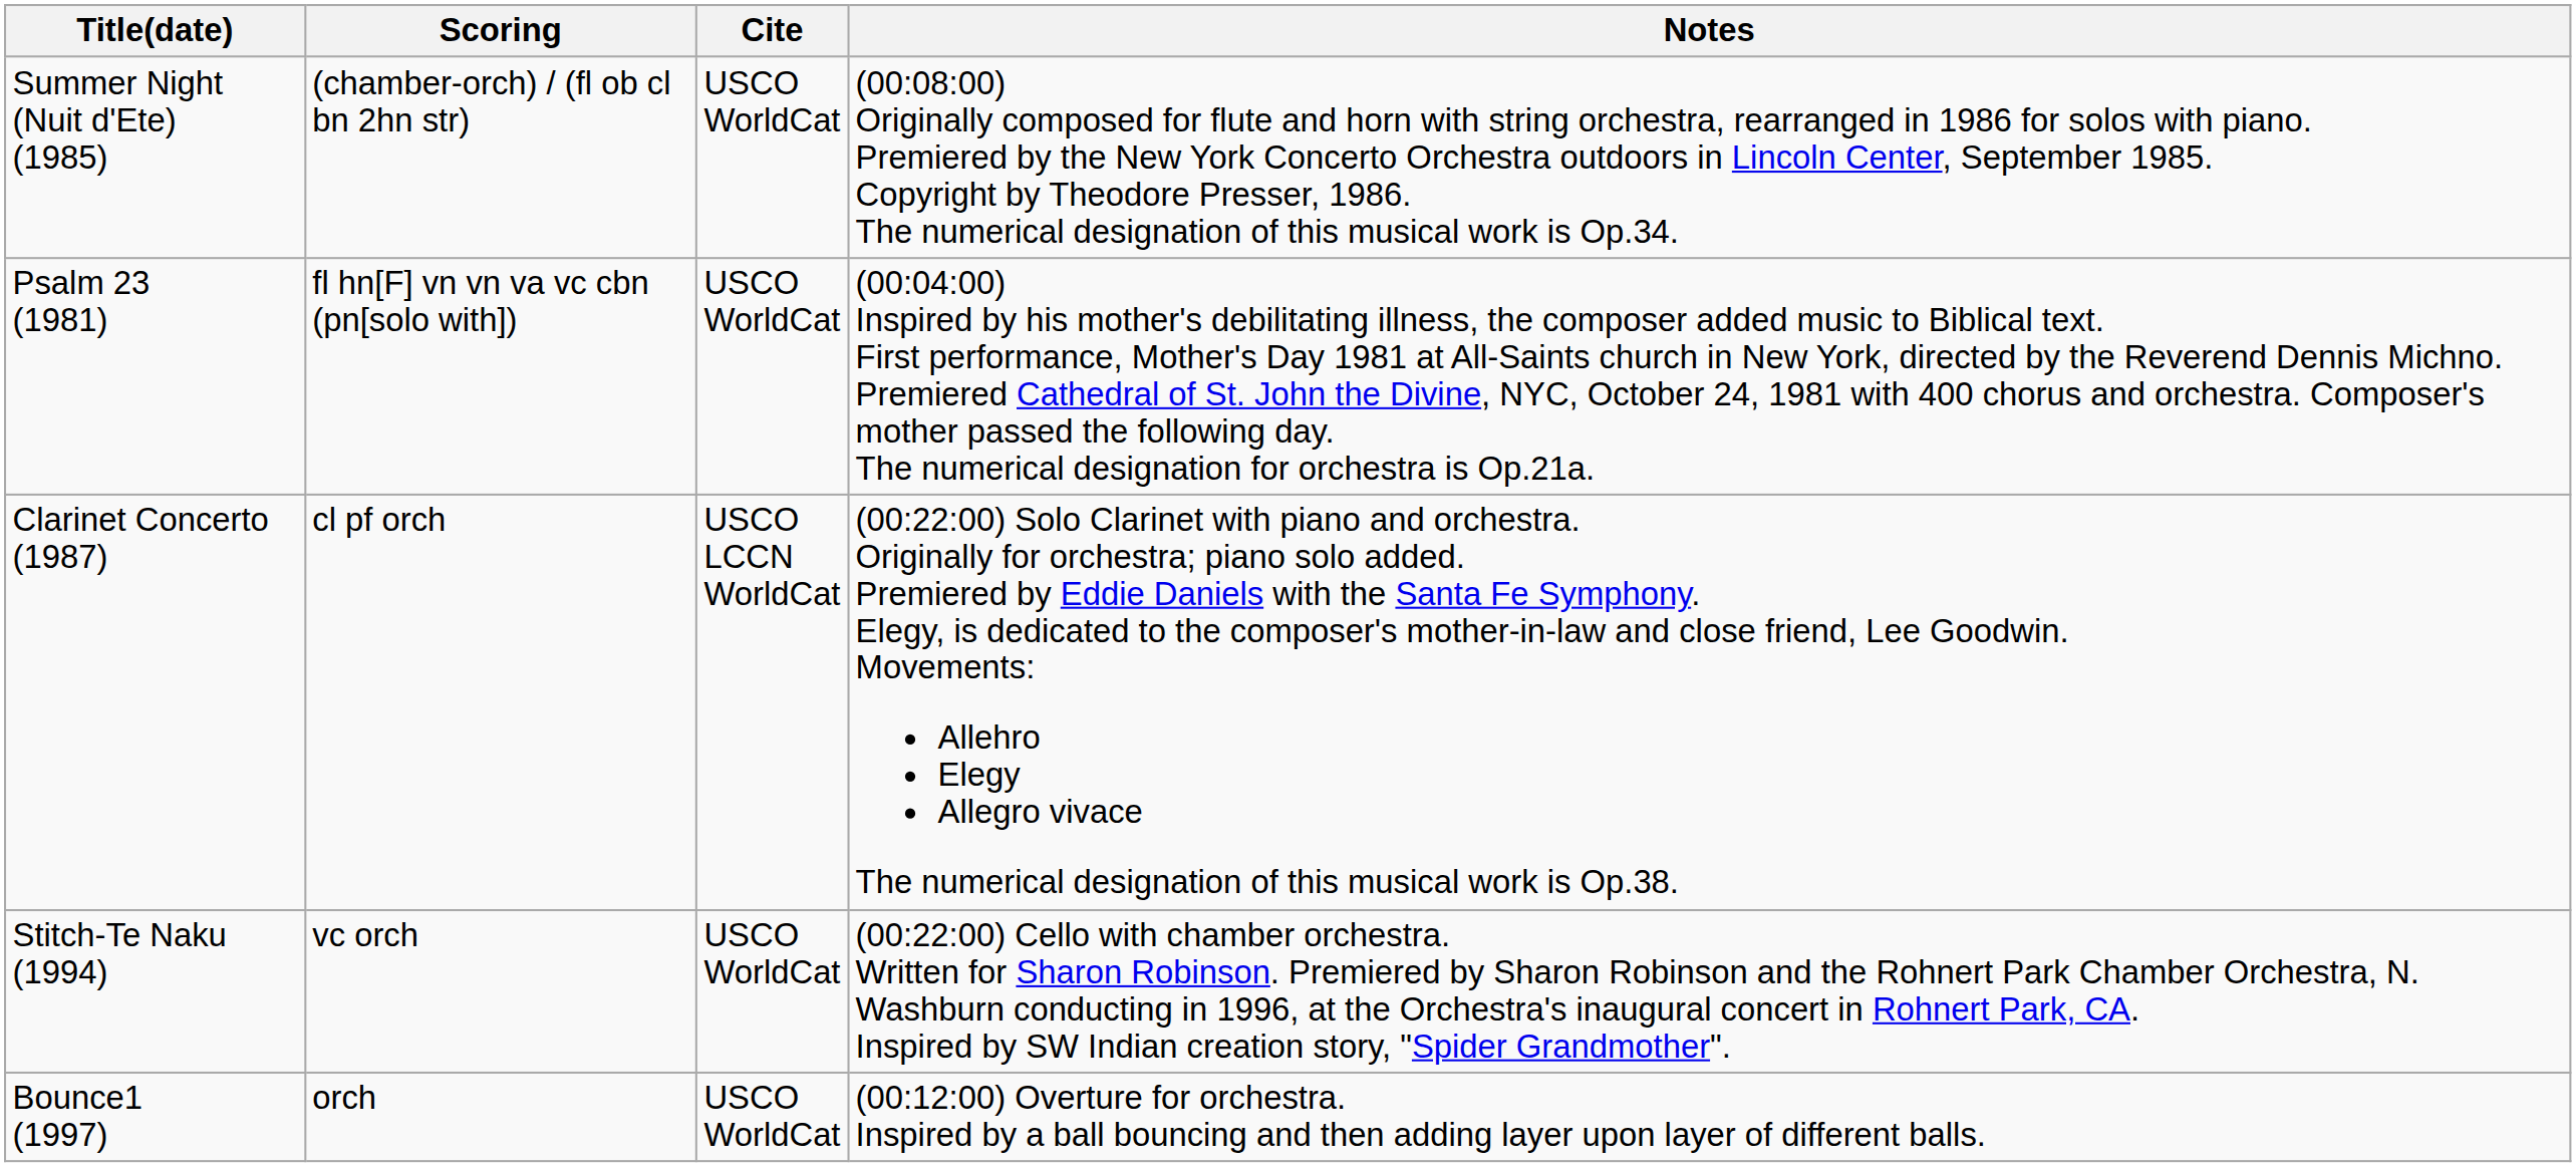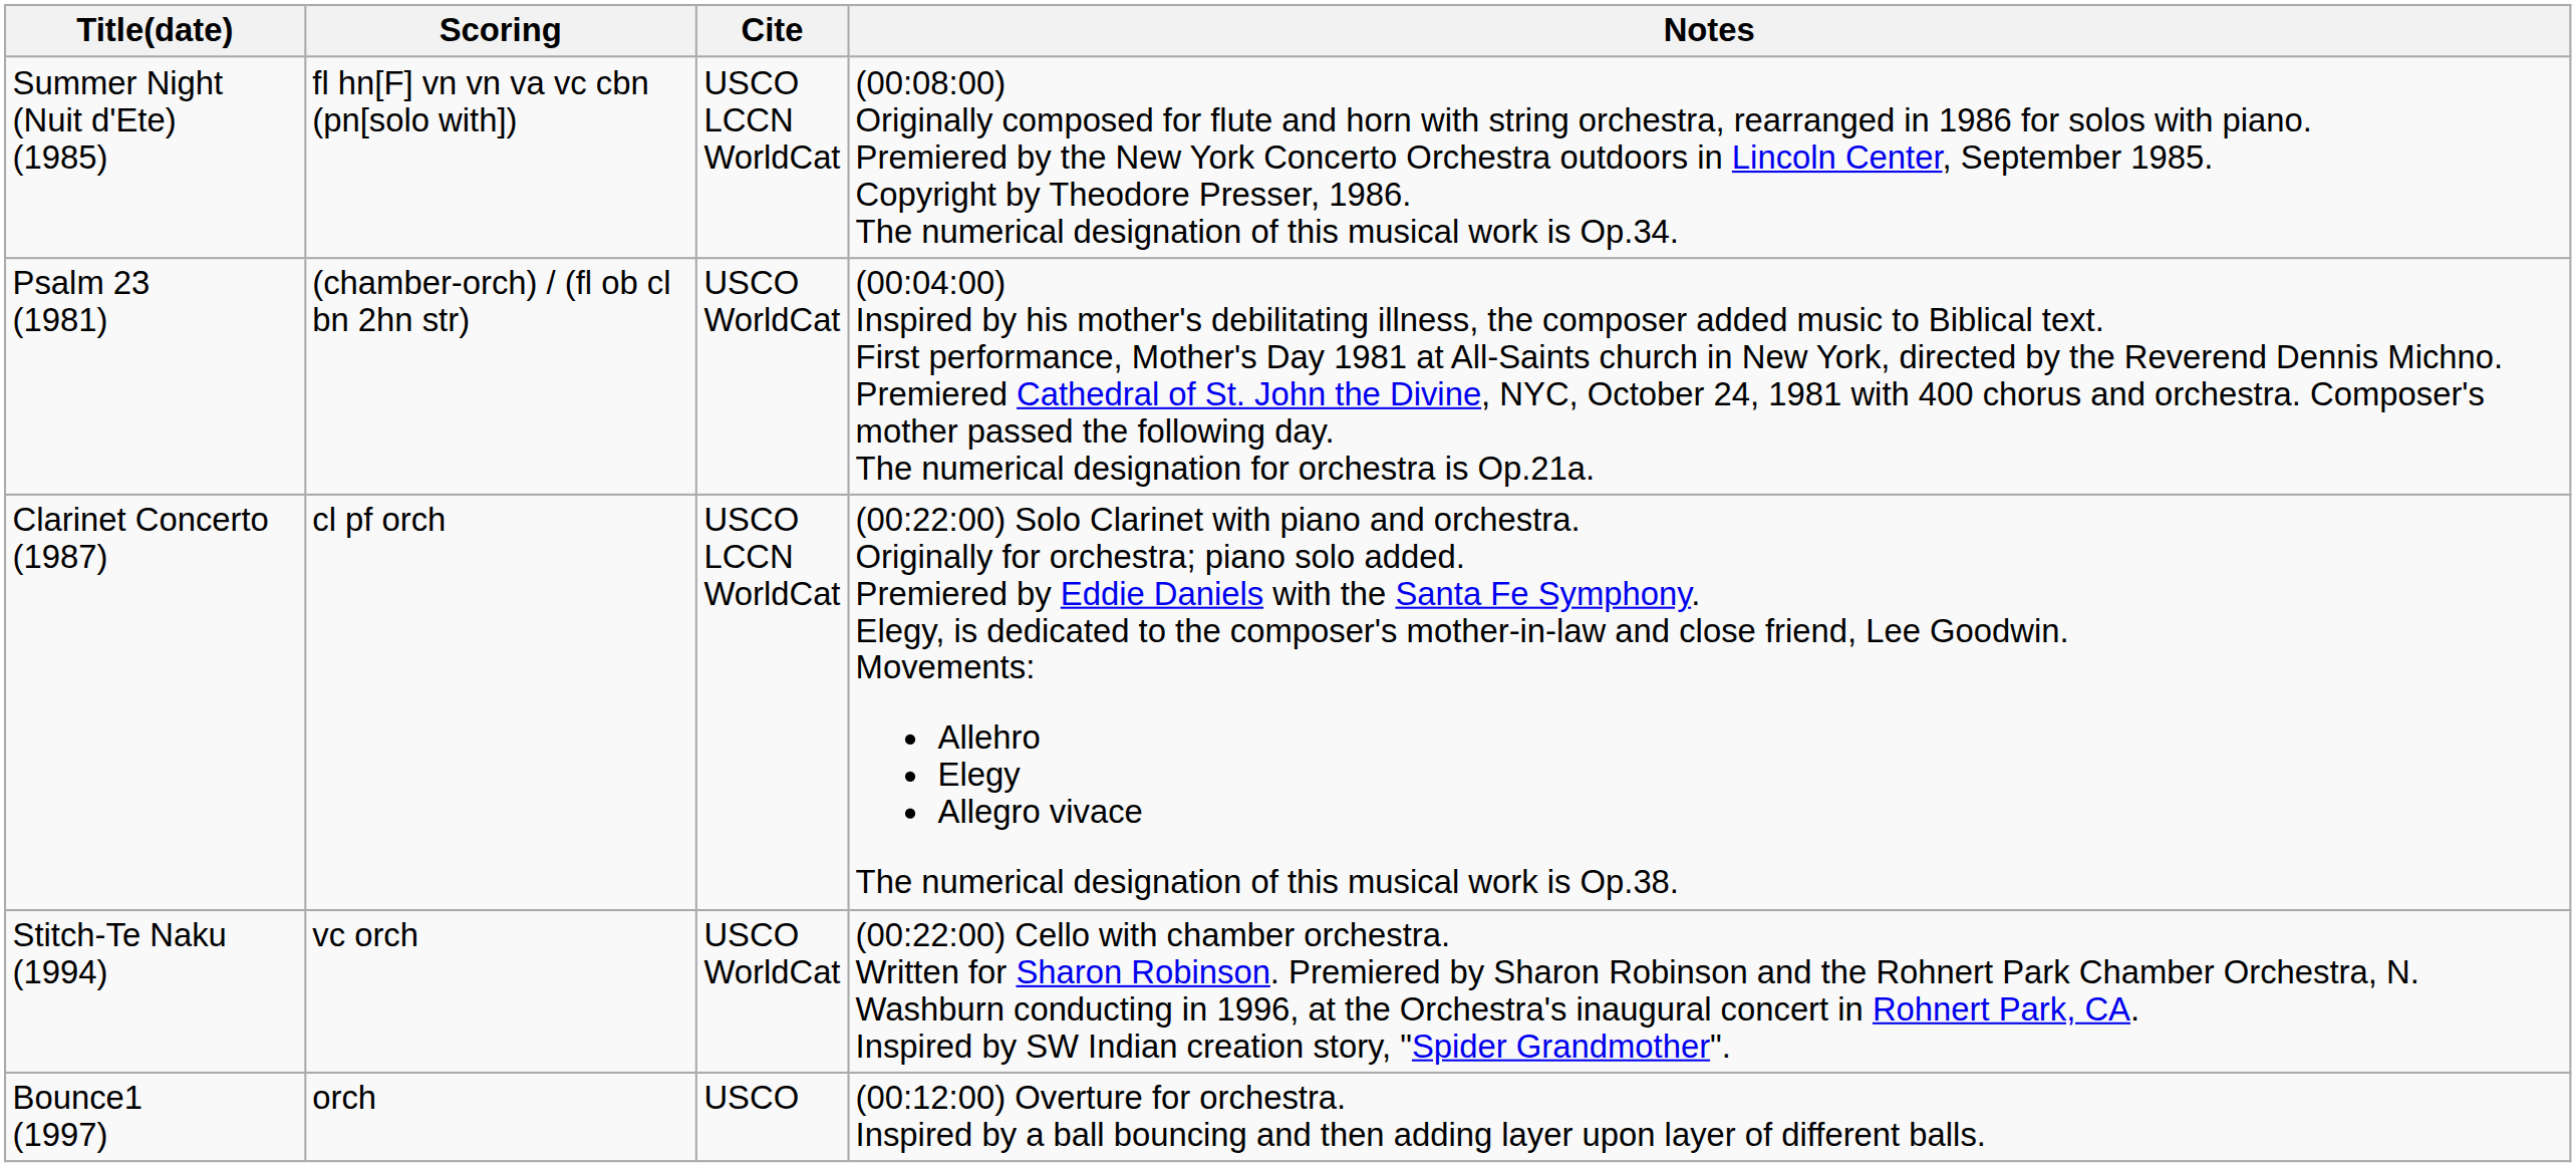 <table class="sortable wikitable" style="margins:auto; width=95%;">
 <tr>
 <th width="">Title(date)</th>
 <th width="">Scoring</th>
 <th width="">Cite</th>
 <th width="">Notes</th>
 </tr>
 <tr valign="top">
 <td>Summer Night (Nuit d'Ete)<br>(1985)</td>
-<td>(chamber-orch) / (fl ob cl bn 2hn str)</td>
-<td>USCO<br>WorldCat</td>
+<td>fl hn[F] vn vn va vc cbn (pn[solo with])</td>
+<td>USCO<br>LCCN<br>WorldCat</td>
 <td>(00:08:00)<br>Originally composed for flute and horn with string orchestra, rearranged in 1986 for solos with piano.<br>Premiered by the New York Concerto Orchestra outdoors in <a href='#'>Lincoln Center</a>, September 1985.<br>Copyright by Theodore Presser, 1986.<br>The numerical designation of this musical work is Op.34.</td>
 </tr>
 <tr valign="top">
 <td>Psalm 23<br>(1981)</td>
-<td>fl hn[F] vn vn va vc cbn (pn[solo with])</td>
+<td>(chamber-orch) / (fl ob cl bn 2hn str)</td>
 <td>USCO<br>WorldCat</td>
 <td>(00:04:00)<br>Inspired by his mother's debilitating illness, the composer added music to Biblical text.<br>First performance, Mother's Day 1981 at All-Saints church in New York, directed by the Reverend Dennis Michno.<br>Premiered <a href='#'>Cathedral of St. John the Divine</a>, NYC, October 24, 1981 with 400 chorus and orchestra. Composer's mother passed the following day.<br>The numerical designation for orchestra is Op.21a.</td>
 </tr>
 <tr valign="top">
 <td>Clarinet Concerto<br>(1987)</td>
 <td>cl pf orch</td>
 <td>USCO<br>LCCN<br>WorldCat</td>
 <td>(00:22:00) Solo Clarinet with piano and orchestra.<br>Originally for orchestra; piano solo added.<br>Premiered by <a href='#'>Eddie Daniels</a> with the <a href='#'>Santa Fe Symphony</a>.<br>Elegy, is dedicated to the composer's mother-in-law and close friend, Lee Goodwin.<br>Movements:<ul><li>Allehro</li><li>Elegy</li><li>Allegro vivace</li></ul>The numerical designation of this musical work is Op.38.</td>
 </tr>
 <tr valign="top">
 <td>Stitch-Te Naku<br>(1994)</td>
 <td>vc orch</td>
 <td>USCO<br>WorldCat</td>
 <td>(00:22:00) Cello with chamber orchestra.<br>Written for <a href='#'>Sharon Robinson</a>. Premiered by Sharon Robinson and the Rohnert Park Chamber Orchestra, N. Washburn conducting in 1996, at the Orchestra's inaugural concert in <a href='#'>Rohnert Park, CA</a>.<br>Inspired by SW Indian creation story, "<a href='#'>Spider Grandmother</a>".</td>
 </tr>
 <tr valign="top">
 <td>Bounce1<br>(1997)</td>
 <td>orch</td>
-<td>USCO<br>WorldCat</td>
+<td>USCO</td>
 <td>(00:12:00) Overture for orchestra.<br>Inspired by a ball bouncing and then adding layer upon layer of different balls.</td>
 </tr>
 </table>
